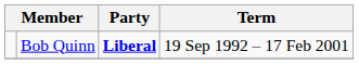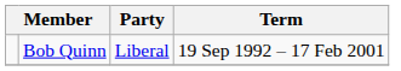 <table class="wikitable">
 <tr>
 <th colspan="2">Member</th>
 <th>Party</th>
 <th>Term</th>
 </tr>
 <tr>
 <td> </td>
 <td><a href='#'>Bob Quinn</a></td>
-<td><strong><a href='#'>Liberal</a></strong></td>
+<td><a href='#'>Liberal</a></td>
 <td>19 Sep 1992 – 17 Feb 2001</td>
 </tr>
 <tr>
 </tr>
 </table>
